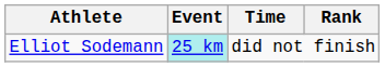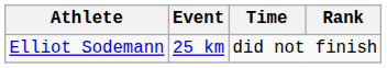 <table class=wikitable style="font-size:90%;">
 <tr>
 <th>Athlete</th>
 <th>Event</th>
 <th>Time</th>
 <th>Rank</th>
 </tr>
 <tr style="text-align:center">
 <td style="text-align:left"><a href='#'>Elliot Sodemann</a></td>
-<td style="background: paleturquoise; text-align:left"><a href='#'>25 km</a></td>
+<td style="text-align:left"><a href='#'>25 km</a></td>
 <td colspan=2>did not finish</td>
 </tr>
 </table>
